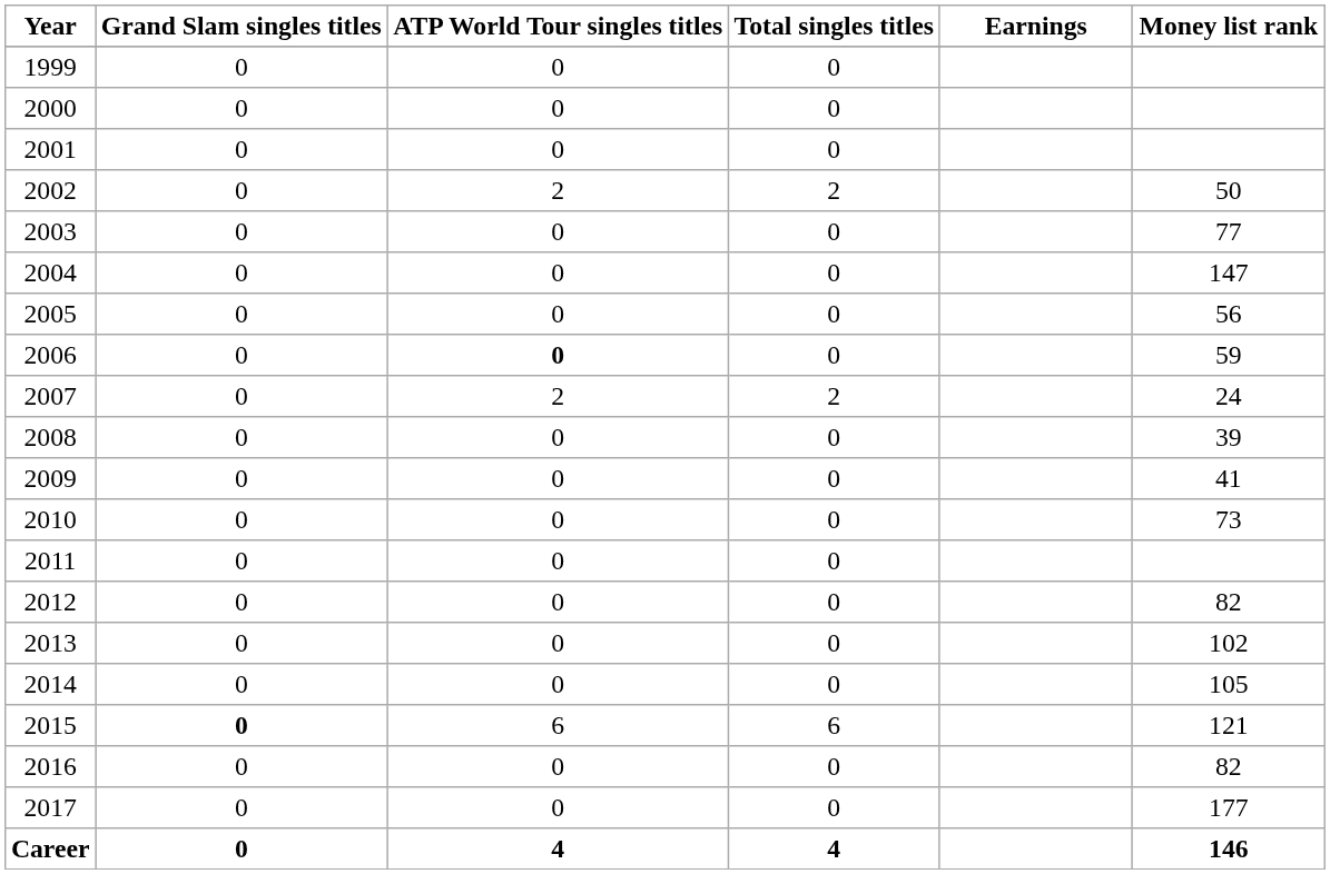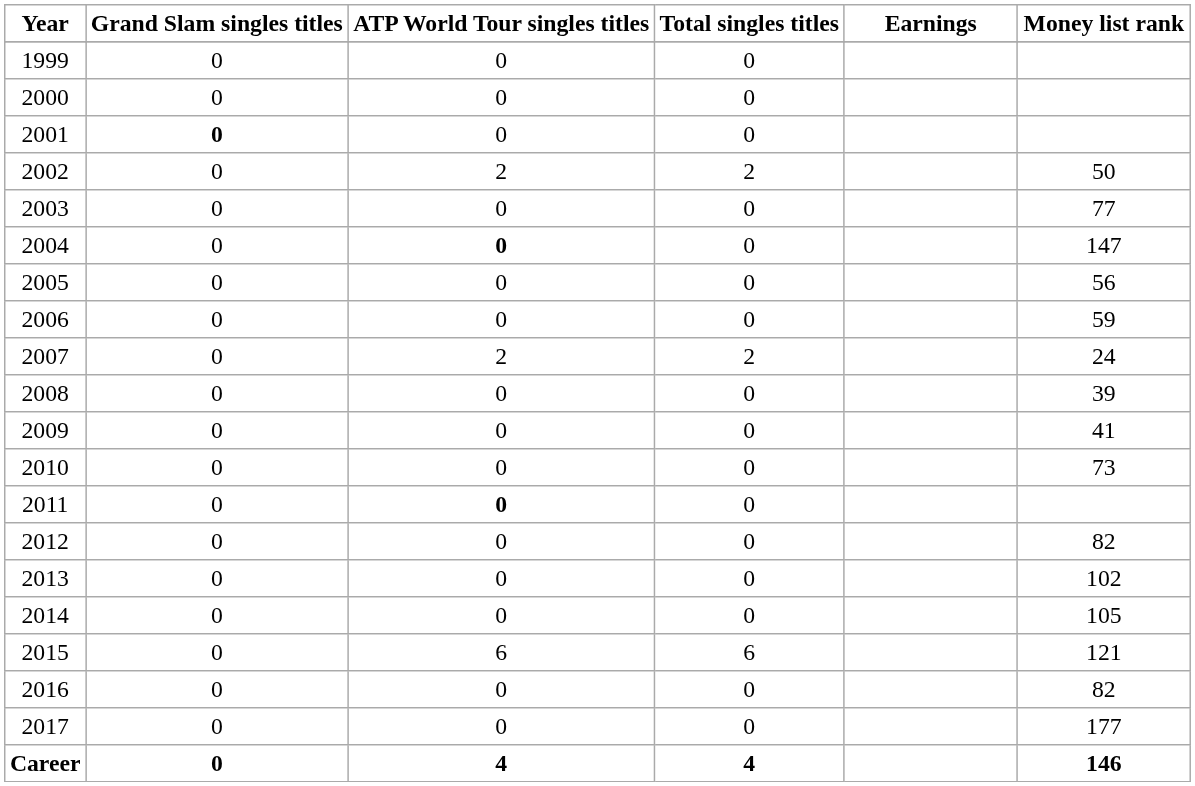 <table cellpadding=3 cellspacing=0 border=1 style=text-align:center;border:#aaa;solid:1;border-collapse:collapse;text-align:center>
 <tr>
 <th>Year</th>
 <th>Grand Slam singles titles</th>
 <th>ATP World Tour singles titles</th>
 <th>Total singles titles</th>
 <th style="width:110px;">Earnings</th>
 <th style="width:110px;">Money list rank</th>
 </tr>
 <tr>
 </tr>
 <tr>
 <td>1999</td>
 <td>0</td>
 <td>0</td>
 <td>0</td>
 <td align=right></td>
 <td></td>
 </tr>
 <tr>
 <td>2000</td>
 <td>0</td>
 <td>0</td>
 <td>0</td>
 <td align=right></td>
 <td></td>
 </tr>
 <tr>
 <td>2001</td>
-<td>0</td>
+<td><strong>0</strong></td>
 <td>0</td>
 <td>0</td>
 <td align=right></td>
 <td></td>
 </tr>
 <tr>
 <td>2002</td>
 <td>0</td>
 <td>2</td>
 <td>2</td>
 <td align=right></td>
 <td>50</td>
 </tr>
 <tr>
 <td>2003</td>
 <td>0</td>
 <td>0</td>
 <td>0</td>
 <td align=right></td>
 <td>77</td>
 </tr>
 <tr>
 <td>2004</td>
 <td>0</td>
-<td>0</td>
+<td><strong>0</strong></td>
 <td>0</td>
 <td align=right></td>
 <td>147</td>
 </tr>
 <tr>
 <td>2005</td>
 <td>0</td>
 <td>0</td>
 <td>0</td>
 <td align=right></td>
 <td>56</td>
 </tr>
 <tr>
 <td>2006</td>
 <td>0</td>
-<td><strong>0</strong></td>
+<td>0</td>
 <td>0</td>
 <td align=right></td>
 <td>59</td>
 </tr>
 <tr>
 <td>2007</td>
 <td>0</td>
 <td>2</td>
 <td>2</td>
 <td align=right></td>
 <td>24</td>
 </tr>
 <tr>
 <td>2008</td>
 <td>0</td>
 <td>0</td>
 <td>0</td>
 <td align=right></td>
 <td>39</td>
 </tr>
 <tr>
 <td>2009</td>
 <td>0</td>
 <td>0</td>
 <td>0</td>
 <td align=right></td>
 <td>41</td>
 </tr>
 <tr>
 <td>2010</td>
 <td>0</td>
 <td>0</td>
 <td>0</td>
 <td align=right></td>
 <td>73</td>
 </tr>
 <tr>
 <td>2011</td>
 <td>0</td>
-<td>0</td>
+<td><strong>0</strong></td>
 <td>0</td>
 <td align=right></td>
 <td></td>
 </tr>
 <tr>
 <td>2012</td>
 <td>0</td>
 <td>0</td>
 <td>0</td>
 <td align=right></td>
 <td>82</td>
 </tr>
 <tr>
 <td>2013</td>
 <td>0</td>
 <td>0</td>
 <td>0</td>
 <td align=right> </td>
 <td>102</td>
 </tr>
 <tr>
 <td>2014</td>
 <td>0</td>
 <td>0</td>
 <td>0</td>
 <td align=right> </td>
 <td>105</td>
 </tr>
 <tr>
 <td>2015</td>
-<td><strong>0</strong></td>
+<td>0</td>
 <td>6</td>
 <td>6</td>
 <td align=right></td>
 <td>121</td>
 </tr>
 <tr>
 <td>2016</td>
 <td>0</td>
 <td>0</td>
 <td>0</td>
 <td align=right></td>
 <td>82</td>
 </tr>
 <tr>
 <td>2017</td>
 <td>0</td>
 <td>0</td>
 <td>0</td>
 <td align=right></td>
 <td>177</td>
 </tr>
 <tr>
 <th>Career</th>
 <th>0</th>
 <th>4</th>
 <th>4</th>
 <th align=right></th>
 <th>146</th>
 </tr>
 </table>
